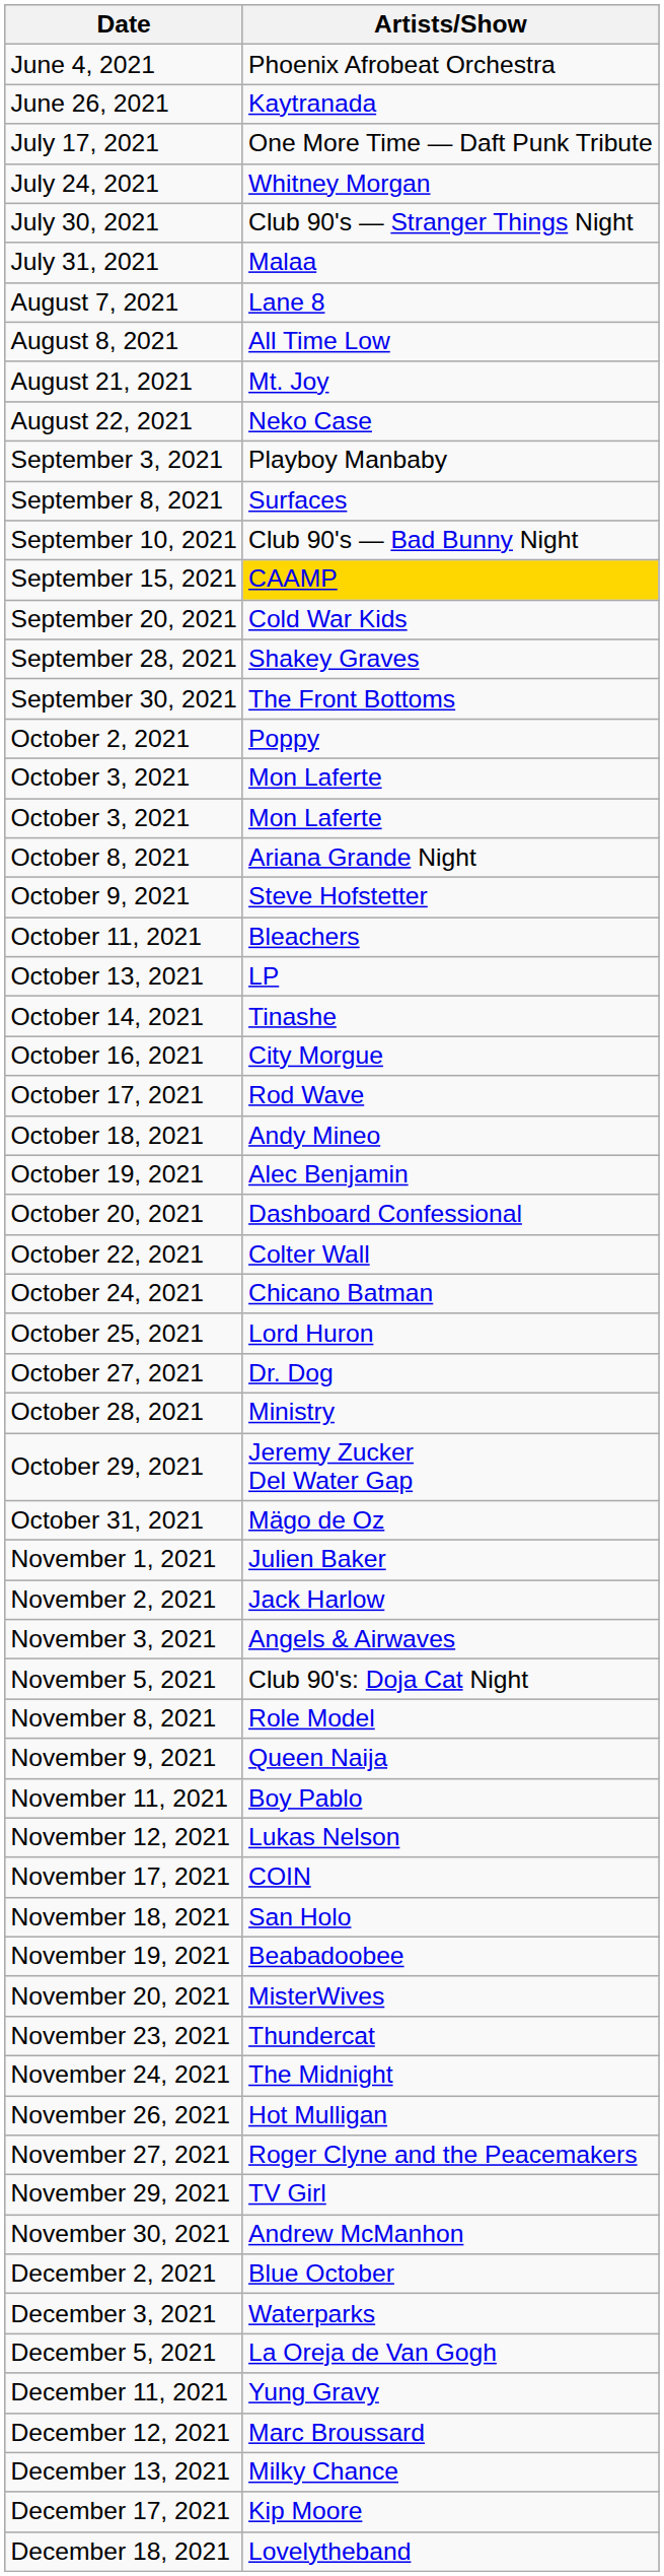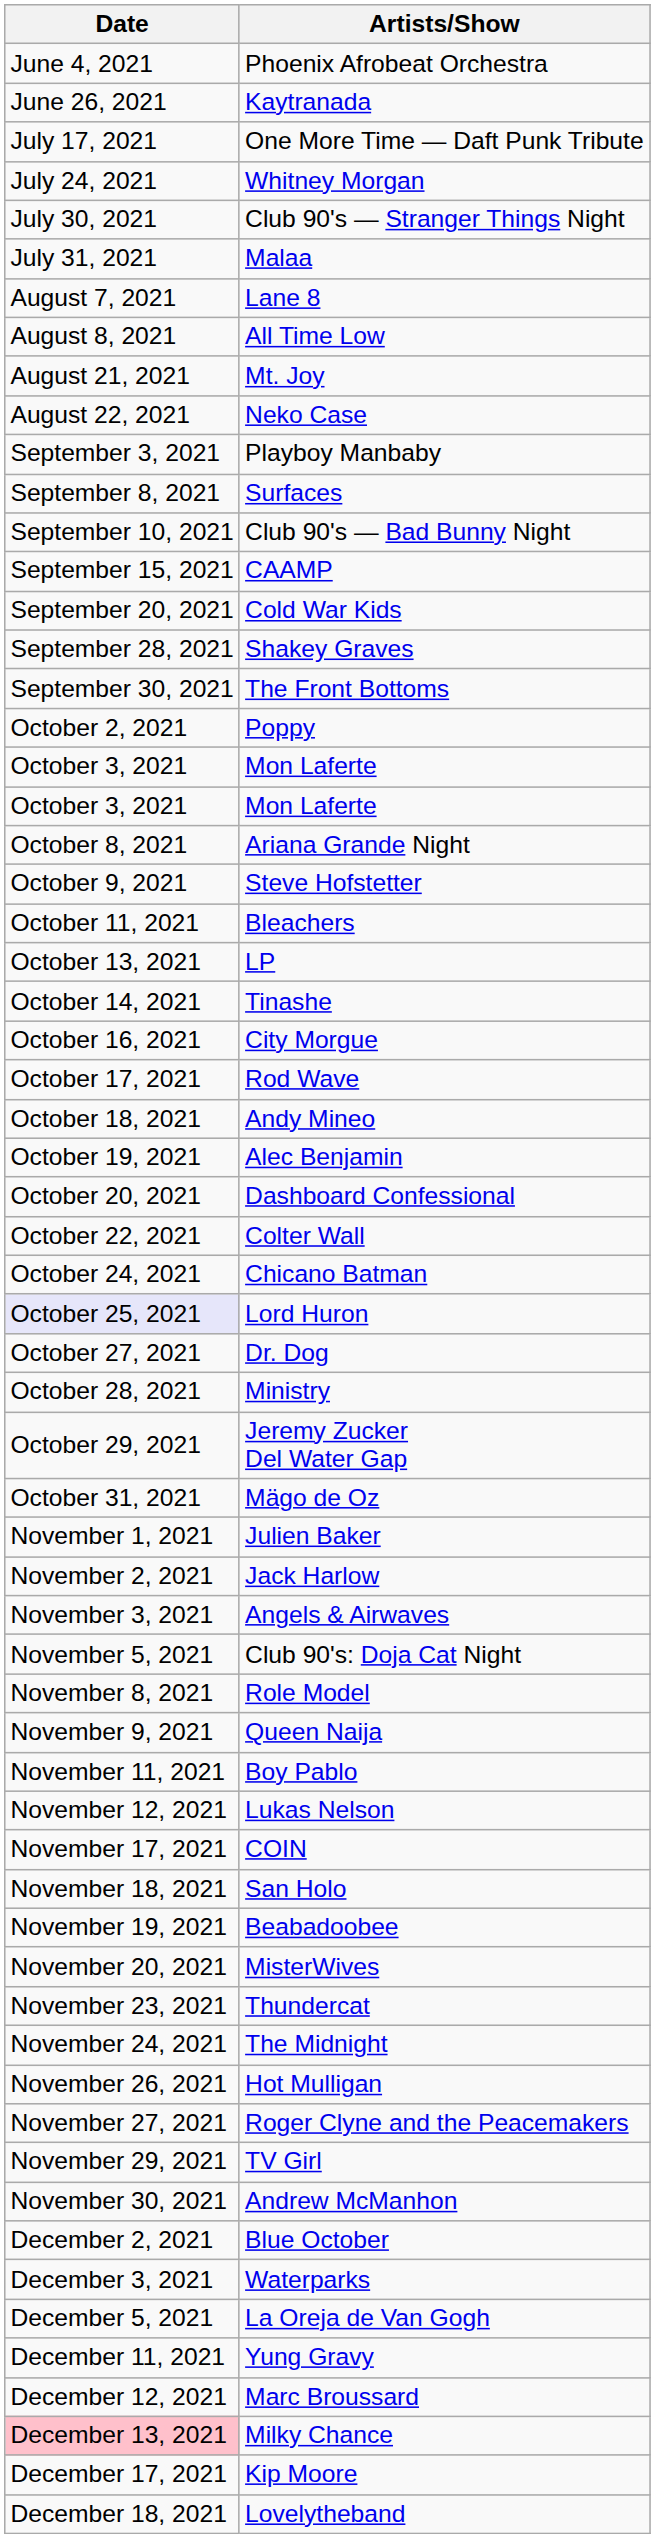 <table class="wikitable">
 <tr>
 <th>Date</th>
 <th>Artists/Show</th>
 </tr>
 <tr>
 <td>June 4, 2021</td>
 <td>Phoenix Afrobeat Orchestra</td>
 </tr>
 <tr>
 <td>June 26, 2021</td>
 <td><a href='#'>Kaytranada</a></td>
 </tr>
 <tr>
 <td>July 17, 2021</td>
 <td>One More Time — Daft Punk Tribute</td>
 </tr>
 <tr>
 <td>July 24, 2021</td>
 <td><a href='#'>Whitney Morgan</a></td>
 </tr>
 <tr>
 <td>July 30, 2021</td>
 <td>Club 90's — <a href='#'>Stranger Things</a> Night</td>
 </tr>
 <tr>
 <td>July 31, 2021</td>
 <td><a href='#'>Malaa</a></td>
 </tr>
 <tr>
 <td>August 7, 2021</td>
 <td><a href='#'>Lane 8</a></td>
 </tr>
 <tr>
 <td>August 8, 2021</td>
 <td><a href='#'>All Time Low</a></td>
 </tr>
 <tr>
 <td>August 21, 2021</td>
 <td><a href='#'>Mt. Joy</a></td>
 </tr>
 <tr>
 <td>August 22, 2021</td>
 <td><a href='#'>Neko Case</a></td>
 </tr>
 <tr>
 <td>September 3, 2021</td>
 <td>Playboy Manbaby</td>
 </tr>
 <tr>
 <td>September 8, 2021</td>
 <td><a href='#'>Surfaces</a></td>
 </tr>
 <tr>
 <td>September 10, 2021</td>
 <td>Club 90's — <a href='#'>Bad Bunny</a> Night</td>
 </tr>
 <tr>
 <td>September 15, 2021</td>
-<td style="background: gold;"><a href='#'>CAAMP</a></td>
+<td><a href='#'>CAAMP</a></td>
 </tr>
 <tr>
 <td>September 20, 2021</td>
 <td><a href='#'>Cold War Kids</a></td>
 </tr>
 <tr>
 <td>September 28, 2021</td>
 <td><a href='#'>Shakey Graves</a></td>
 </tr>
 <tr>
 <td>September 30, 2021</td>
 <td><a href='#'>The Front Bottoms</a></td>
 </tr>
 <tr>
 <td>October 2, 2021</td>
 <td><a href='#'>Poppy</a></td>
 </tr>
 <tr>
 <td>October 3, 2021</td>
 <td><a href='#'>Mon Laferte</a></td>
 </tr>
 <tr>
 <td>October 3, 2021</td>
 <td><a href='#'>Mon Laferte</a></td>
 </tr>
 <tr>
 <td>October 8, 2021</td>
 <td><a href='#'>Ariana Grande</a> Night</td>
 </tr>
 <tr>
 <td>October 9, 2021</td>
 <td><a href='#'>Steve Hofstetter</a></td>
 </tr>
 <tr>
 <td>October 11, 2021</td>
 <td><a href='#'>Bleachers</a></td>
 </tr>
 <tr>
 <td>October 13, 2021</td>
 <td><a href='#'>LP</a></td>
 </tr>
 <tr>
 <td>October 14, 2021</td>
 <td><a href='#'>Tinashe</a></td>
 </tr>
 <tr>
 <td>October 16, 2021</td>
 <td><a href='#'>City Morgue</a></td>
 </tr>
 <tr>
 <td>October 17, 2021</td>
 <td><a href='#'>Rod Wave</a></td>
 </tr>
 <tr>
 <td>October 18, 2021</td>
 <td><a href='#'>Andy Mineo</a></td>
 </tr>
 <tr>
 <td>October 19, 2021</td>
 <td><a href='#'>Alec Benjamin</a></td>
 </tr>
 <tr>
 <td>October 20, 2021</td>
 <td><a href='#'>Dashboard Confessional</a></td>
 </tr>
 <tr>
 <td>October 22, 2021</td>
 <td><a href='#'>Colter Wall</a></td>
 </tr>
 <tr>
 <td>October 24, 2021</td>
 <td><a href='#'>Chicano Batman</a></td>
 </tr>
 <tr>
-<td>October 25, 2021</td>
+<td style="background: lavender;">October 25, 2021</td>
 <td><a href='#'>Lord Huron</a></td>
 </tr>
 <tr>
 <td>October 27, 2021</td>
 <td><a href='#'>Dr. Dog</a></td>
 </tr>
 <tr>
 <td>October 28, 2021</td>
 <td><a href='#'>Ministry</a></td>
 </tr>
 <tr>
 <td>October 29, 2021</td>
 <td><a href='#'>Jeremy Zucker</a><br><a href='#'>Del Water Gap</a></td>
 </tr>
 <tr>
 <td>October 31, 2021</td>
 <td><a href='#'>Mägo de Oz</a></td>
 </tr>
 <tr>
 <td>November 1, 2021</td>
 <td><a href='#'>Julien Baker</a></td>
 </tr>
 <tr>
 <td>November 2, 2021</td>
 <td><a href='#'>Jack Harlow</a></td>
 </tr>
 <tr>
 <td>November 3, 2021</td>
 <td><a href='#'>Angels & Airwaves</a></td>
 </tr>
 <tr>
 <td>November 5, 2021</td>
 <td>Club 90's: <a href='#'>Doja Cat</a> Night</td>
 </tr>
 <tr>
 <td>November 8, 2021</td>
 <td><a href='#'>Role Model</a></td>
 </tr>
 <tr>
 <td>November 9, 2021</td>
 <td><a href='#'>Queen Naija</a></td>
 </tr>
 <tr>
 <td>November 11, 2021</td>
 <td><a href='#'>Boy Pablo</a></td>
 </tr>
 <tr>
 <td>November 12, 2021</td>
 <td><a href='#'>Lukas Nelson</a></td>
 </tr>
 <tr>
 <td>November 17, 2021</td>
 <td><a href='#'>COIN</a></td>
 </tr>
 <tr>
 <td>November 18, 2021</td>
 <td><a href='#'>San Holo</a></td>
 </tr>
 <tr>
 <td>November 19, 2021</td>
 <td><a href='#'>Beabadoobee</a></td>
 </tr>
 <tr>
 <td>November 20, 2021</td>
 <td><a href='#'>MisterWives</a></td>
 </tr>
 <tr>
 <td>November 23, 2021</td>
 <td><a href='#'>Thundercat</a></td>
 </tr>
 <tr>
 <td>November 24, 2021</td>
 <td><a href='#'>The Midnight</a></td>
 </tr>
 <tr>
 <td>November 26, 2021</td>
 <td><a href='#'>Hot Mulligan</a></td>
 </tr>
 <tr>
 <td>November 27, 2021</td>
 <td><a href='#'>Roger Clyne and the Peacemakers</a></td>
 </tr>
 <tr>
 <td>November 29, 2021</td>
 <td><a href='#'>TV Girl</a></td>
 </tr>
 <tr>
 <td>November 30, 2021</td>
 <td><a href='#'>Andrew McManhon</a></td>
 </tr>
 <tr>
 <td>December 2, 2021</td>
 <td><a href='#'>Blue October</a></td>
 </tr>
 <tr>
 <td>December 3, 2021</td>
 <td><a href='#'>Waterparks</a></td>
 </tr>
 <tr>
 <td>December 5, 2021</td>
 <td><a href='#'>La Oreja de Van Gogh</a></td>
 </tr>
 <tr>
 <td>December 11, 2021</td>
 <td><a href='#'>Yung Gravy</a></td>
 </tr>
 <tr>
 <td>December 12, 2021</td>
 <td><a href='#'>Marc Broussard</a></td>
 </tr>
 <tr>
-<td>December 13, 2021</td>
+<td style="background: pink;">December 13, 2021</td>
 <td><a href='#'>Milky Chance</a></td>
 </tr>
 <tr>
 <td>December 17, 2021</td>
 <td><a href='#'>Kip Moore</a></td>
 </tr>
 <tr>
 <td>December 18, 2021</td>
 <td><a href='#'>Lovelytheband</a></td>
 </tr>
 </table>
